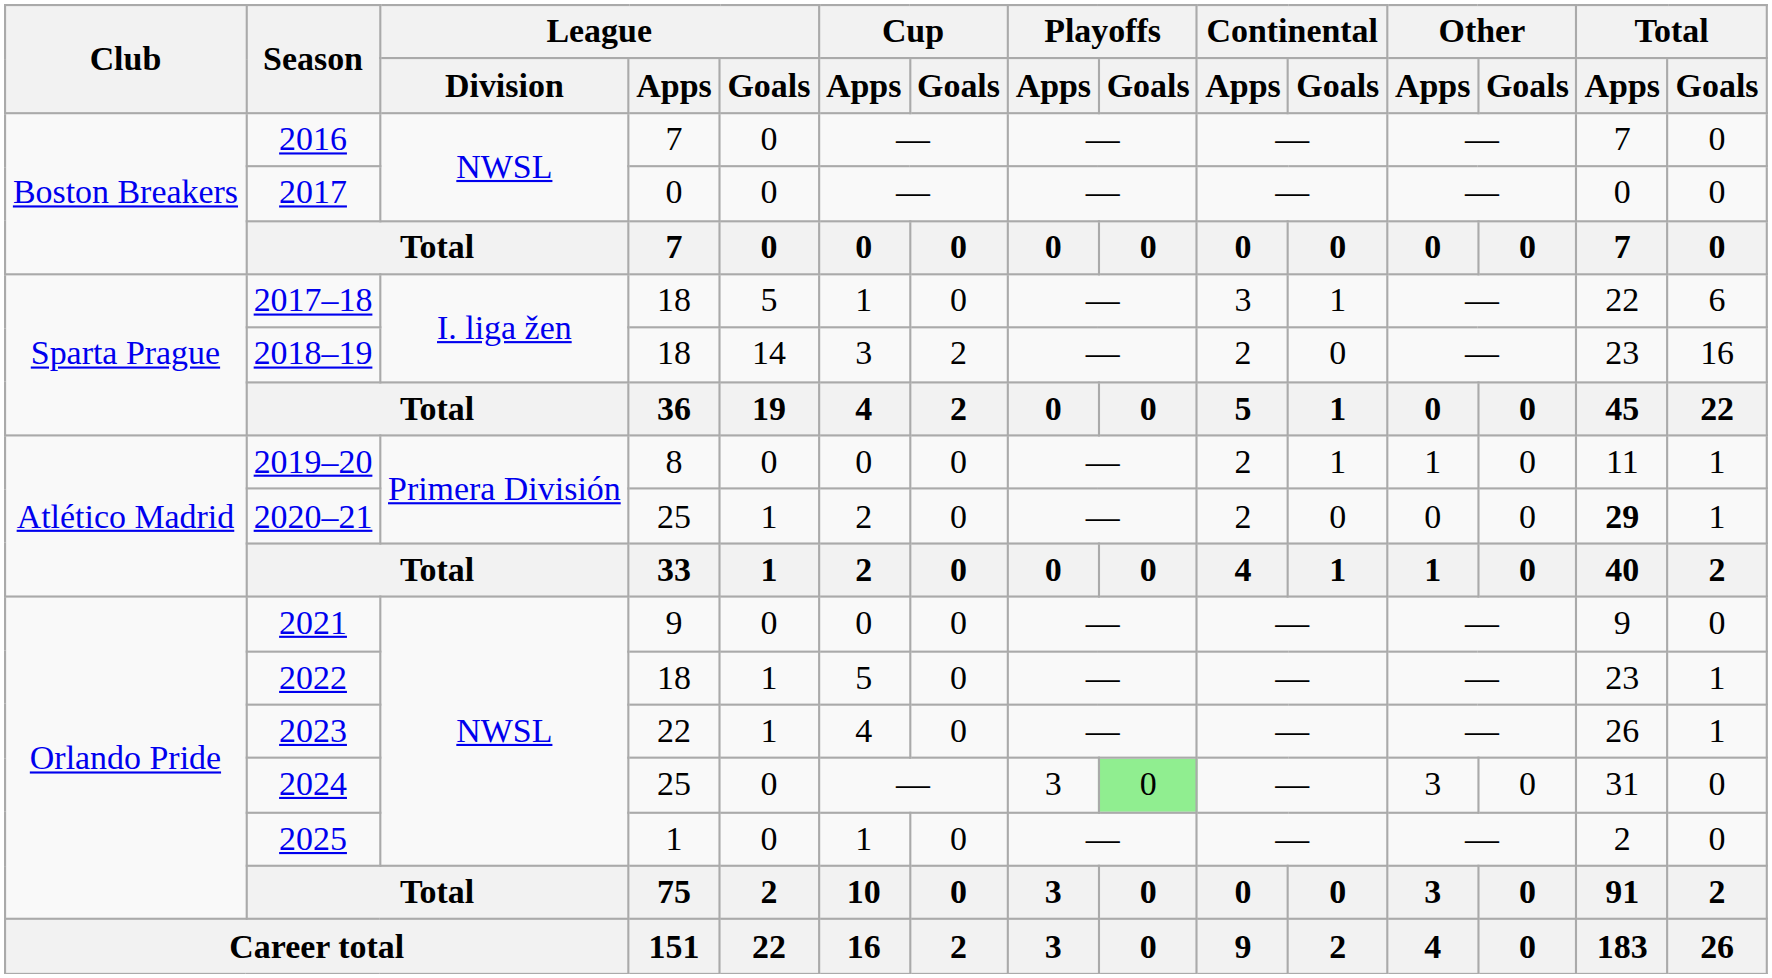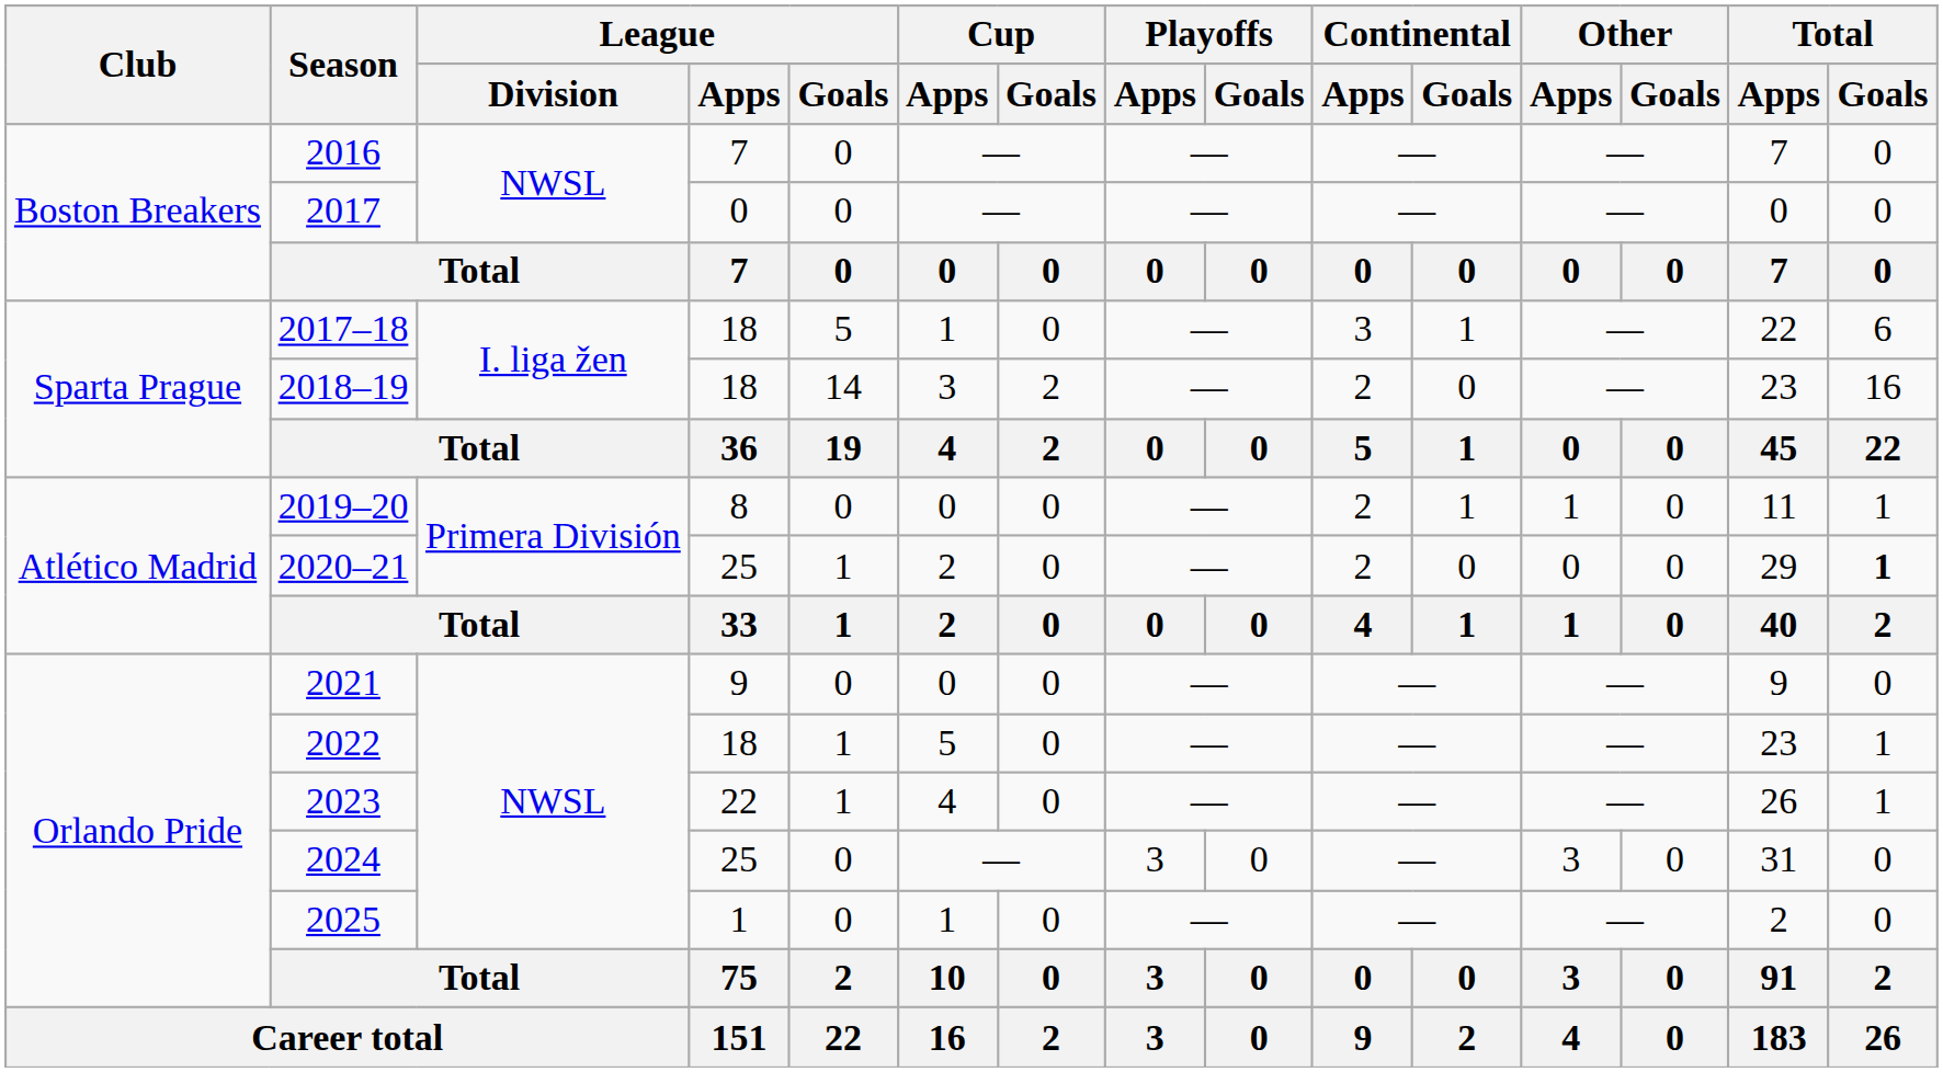 <table class="wikitable" style="text-align: center;">
 <tr>
 <th rowspan="2">Club</th>
 <th rowspan="2">Season</th>
 <th colspan="3">League</th>
 <th colspan="2">Cup</th>
 <th colspan="2">Playoffs</th>
 <th colspan="2">Continental</th>
 <th colspan="2">Other</th>
 <th colspan="2">Total</th>
 </tr>
 <tr>
 <th>Division</th>
 <th>Apps</th>
 <th>Goals</th>
 <th>Apps</th>
 <th>Goals</th>
 <th>Apps</th>
 <th>Goals</th>
 <th>Apps</th>
 <th>Goals</th>
 <th>Apps</th>
 <th>Goals</th>
 <th>Apps</th>
 <th>Goals</th>
 </tr>
 <tr>
 <td rowspan="3"><a href='#'>Boston Breakers</a></td>
 <td><a href='#'>2016</a></td>
 <td rowspan="2"><a href='#'>NWSL</a></td>
 <td>7</td>
 <td>0</td>
 <td colspan="2">—</td>
 <td colspan="2">—</td>
 <td colspan="2">—</td>
 <td colspan="2">—</td>
 <td>7</td>
 <td>0</td>
 </tr>
 <tr>
 <td><a href='#'>2017</a></td>
 <td>0</td>
 <td>0</td>
 <td colspan="2">—</td>
 <td colspan="2">—</td>
 <td colspan="2">—</td>
 <td colspan="2">—</td>
 <td>0</td>
 <td>0</td>
 </tr>
 <tr>
 <th colspan="2">Total</th>
 <th>7</th>
 <th>0</th>
 <th>0</th>
 <th>0</th>
 <th>0</th>
 <th>0</th>
 <th>0</th>
 <th>0</th>
 <th>0</th>
 <th>0</th>
 <th>7</th>
 <th>0</th>
 </tr>
 <tr>
 <td rowspan="3"><a href='#'>Sparta Prague</a></td>
 <td><a href='#'>2017–18</a></td>
 <td rowspan="2"><a href='#'>I. liga žen</a></td>
 <td>18</td>
 <td>5</td>
 <td>1</td>
 <td>0</td>
 <td colspan="2">—</td>
 <td>3</td>
 <td>1</td>
 <td colspan="2">—</td>
 <td>22</td>
 <td>6</td>
 </tr>
 <tr>
 <td><a href='#'>2018–19</a></td>
 <td>18</td>
 <td>14</td>
 <td>3</td>
 <td>2</td>
 <td colspan="2">—</td>
 <td>2</td>
 <td>0</td>
 <td colspan="2">—</td>
 <td>23</td>
 <td>16</td>
 </tr>
 <tr>
 <th colspan="2">Total</th>
 <th>36</th>
 <th>19</th>
 <th>4</th>
 <th>2</th>
 <th>0</th>
 <th>0</th>
 <th>5</th>
 <th>1</th>
 <th>0</th>
 <th>0</th>
 <th>45</th>
 <th>22</th>
 </tr>
 <tr>
 <td rowspan="3"><a href='#'>Atlético Madrid</a></td>
 <td><a href='#'>2019–20</a></td>
 <td rowspan="2"><a href='#'>Primera División</a></td>
 <td>8</td>
 <td>0</td>
 <td>0</td>
 <td>0</td>
 <td colspan="2">—</td>
 <td>2</td>
 <td>1</td>
 <td>1</td>
 <td>0</td>
 <td>11</td>
 <td>1</td>
 </tr>
 <tr>
 <td><a href='#'>2020–21</a></td>
 <td>25</td>
 <td>1</td>
 <td>2</td>
 <td>0</td>
 <td colspan="2">—</td>
 <td>2</td>
 <td>0</td>
 <td>0</td>
 <td>0</td>
-<td><strong>29</strong></td>
-<td>1</td>
+<td>29</td>
+<td><strong>1</strong></td>
 </tr>
 <tr>
 <th colspan="2">Total</th>
 <th>33</th>
 <th>1</th>
 <th>2</th>
 <th>0</th>
 <th>0</th>
 <th>0</th>
 <th>4</th>
 <th>1</th>
 <th>1</th>
 <th>0</th>
 <th>40</th>
 <th>2</th>
 </tr>
 <tr>
 <td rowspan="6"><a href='#'>Orlando Pride</a></td>
 <td><a href='#'>2021</a></td>
 <td rowspan="5"><a href='#'>NWSL</a></td>
 <td>9</td>
 <td>0</td>
 <td>0</td>
 <td>0</td>
 <td colspan="2">—</td>
 <td colspan="2">—</td>
 <td colspan="2">—</td>
 <td>9</td>
 <td>0</td>
 </tr>
 <tr>
 <td><a href='#'>2022</a></td>
 <td>18</td>
 <td>1</td>
 <td>5</td>
 <td>0</td>
 <td colspan="2">—</td>
 <td colspan="2">—</td>
 <td colspan="2">—</td>
 <td>23</td>
 <td>1</td>
 </tr>
 <tr>
 <td><a href='#'>2023</a></td>
 <td>22</td>
 <td>1</td>
 <td>4</td>
 <td>0</td>
 <td colspan="2">—</td>
 <td colspan="2">—</td>
 <td colspan="2">—</td>
 <td>26</td>
 <td>1</td>
 </tr>
 <tr>
 <td><a href='#'>2024</a></td>
 <td>25</td>
 <td>0</td>
 <td colspan="2">—</td>
 <td>3</td>
-<td style="background: lightgreen;">0</td>
+<td>0</td>
 <td colspan="2">—</td>
 <td>3</td>
 <td>0</td>
 <td>31</td>
 <td>0</td>
 </tr>
 <tr>
 <td><a href='#'>2025</a></td>
 <td>1</td>
 <td>0</td>
 <td>1</td>
 <td>0</td>
 <td colspan="2">—</td>
 <td colspan="2">—</td>
 <td colspan="2">—</td>
 <td>2</td>
 <td>0</td>
 </tr>
 <tr>
 <th colspan="2">Total</th>
 <th>75</th>
 <th>2</th>
 <th>10</th>
 <th>0</th>
 <th>3</th>
 <th>0</th>
 <th>0</th>
 <th>0</th>
 <th>3</th>
 <th>0</th>
 <th>91</th>
 <th>2</th>
 </tr>
 <tr>
 <th colspan="3">Career total</th>
 <th>151</th>
 <th>22</th>
 <th>16</th>
 <th>2</th>
 <th>3</th>
 <th>0</th>
 <th>9</th>
 <th>2</th>
 <th>4</th>
 <th>0</th>
 <th>183</th>
 <th>26</th>
 </tr>
 </table>
